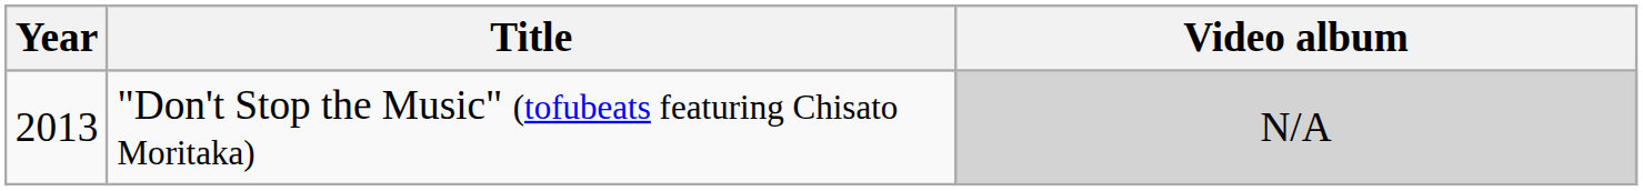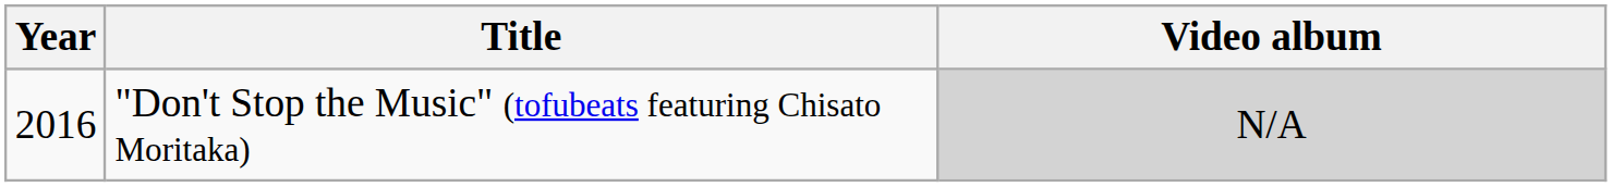 <table class="wikitable plainrowheaders"  style="text-align:center;">
 <tr>
 <th scope="col">Year</th>
 <th scope="col" style="width:20em;">Title</th>
 <th scope="col" style="width:16em;">Video album</th>
 </tr>
 <tr>
-<td>2013</td>
+<td>2016</td>
 <td align="left">"Don't Stop the Music" <small>(<a href='#'>tofubeats</a> featuring Chisato Moritaka)</small></td>
 <td style="background: lightgrey;">N/A</td>
 </tr>
 </table>
